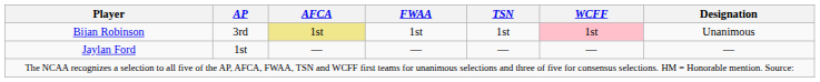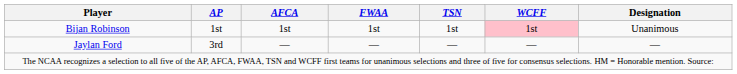 <table class="wikitable" style="width: 90%;text-align: center;">
 <tr>
 <th>Player</th>
 <th><a href='#'><span><em>AP</em></span></a></th>
 <th><a href='#'><span><em>AFCA</em></span></a></th>
 <th><a href='#'><span><em>FWAA</em></span></a></th>
 <th><a href='#'><span><em>TSN</em></span></a></th>
 <th><a href='#'><span><em>WCFF</em></span></a></th>
 <th>Designation</th>
 </tr>
 <tr align="center">
 <td><a href='#'>Bijan Robinson</a></td>
-<td>3rd</td>
-<td style="background: khaki;">1st</td>
+<td>1st</td>
+<td>1st</td>
 <td>1st</td>
 <td>1st</td>
 <td style="background: pink;">1st</td>
 <td>Unanimous</td>
 </tr>
 <tr align="center">
 <td><a href='#'>Jaylan Ford</a></td>
-<td>1st</td>
+<td>3rd</td>
 <td>—</td>
 <td>—</td>
 <td>—</td>
 <td>—</td>
 <td>—</td>
 </tr>
 <tr align="center">
 <td colspan=7><small>The NCAA recognizes a selection to all five of the AP, AFCA, FWAA, TSN and WCFF first teams for unanimous selections and three of five for consensus selections.</small> <small>HM = Honorable mention. Source: </small></td>
 </tr>
 </table>
